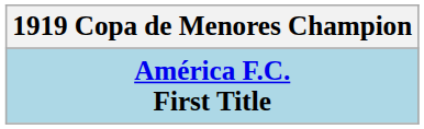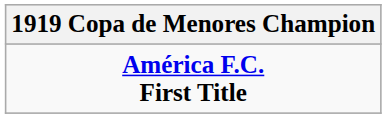 <table class="wikitable" style="text-align: center; margin: 0 auto;">
 <tr>
 <th>1919 Copa de Menores Champion</th>
 </tr>
 <tr>
-<td style="background: lightblue;"><strong><a href='#'>América F.C.</a></strong><br><strong>First Title</strong></td>
+<td><strong><a href='#'>América F.C.</a></strong><br><strong>First Title</strong></td>
 </tr>
 </table>
